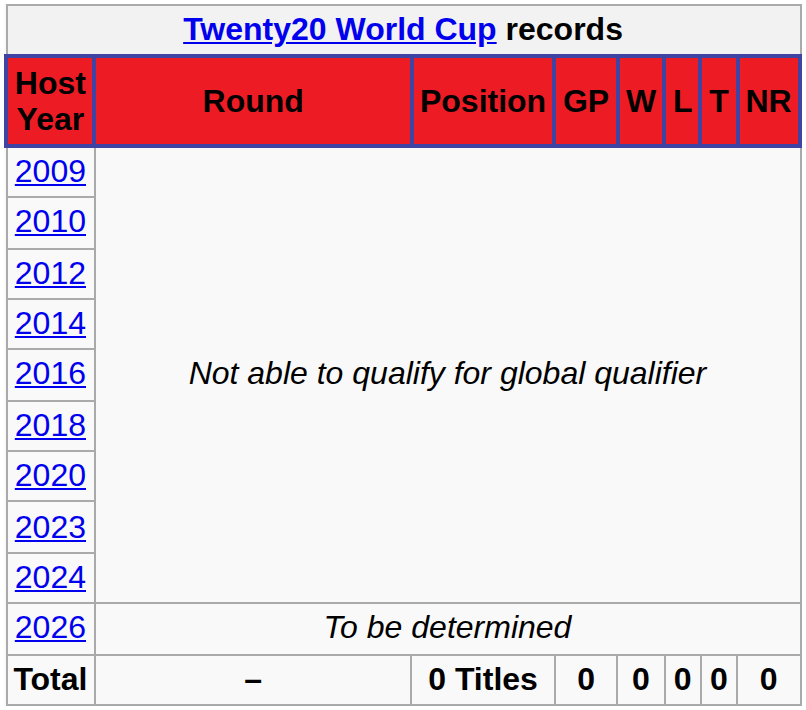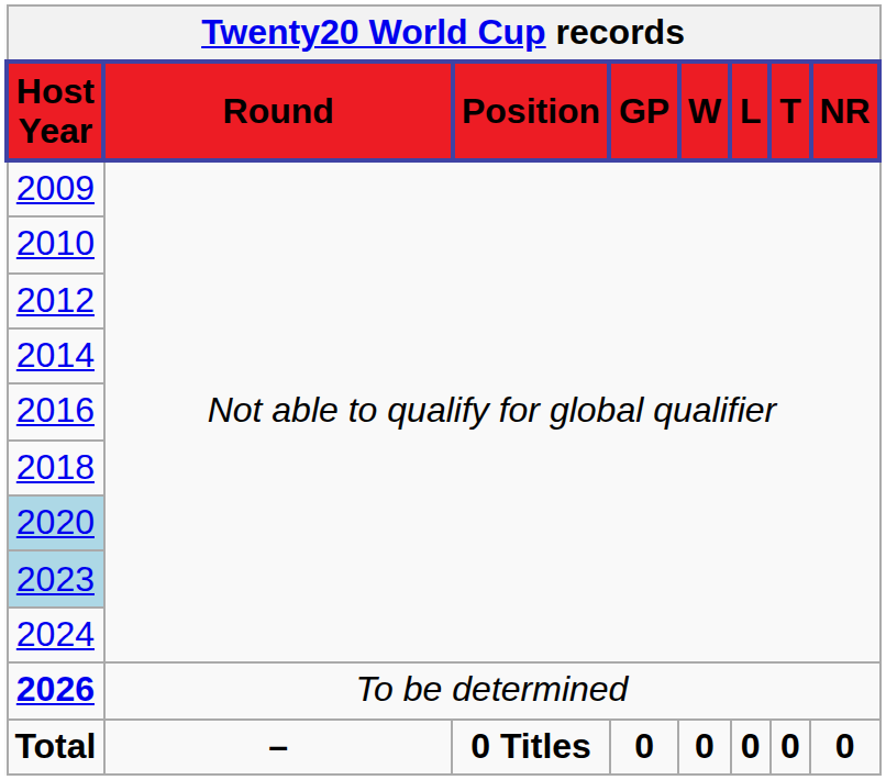 <table class="wikitable" style="text-align: center; width=900px;">
 <tr>
 <th colspan="8"><a href='#'>Twenty20 World Cup</a> records</th>
 </tr>
 <tr>
 <th style="background:#ED1C24;border: 2px solid #3F43A4;"><span>Host<br>Year</span></th>
 <th style="background:#ED1C24;border: 2px solid #3F43A4;" width=150><span>Round</span></th>
 <th style="background:#ED1C24;border: 2px solid #3F43A4;"><span>Position</span></th>
 <th style="background:#ED1C24;border: 2px solid #3F43A4;"><span>GP</span></th>
 <th style="background:#ED1C24;border: 2px solid #3F43A4;"><span>W</span></th>
 <th style="background:#ED1C24;border: 2px solid #3F43A4;"><span>L</span></th>
 <th style="background:#ED1C24;border: 2px solid #3F43A4;"><span>T</span></th>
 <th style="background:#ED1C24;border: 2px solid #3F43A4;"><span>NR</span></th>
 </tr>
 <tr>
 <td> <a href='#'>2009</a></td>
 <td colspan=7  rowspan=9><em>Not able to qualify for global qualifier</em></td>
 </tr>
 <tr>
 <td> <a href='#'>2010</a></td>
 </tr>
 <tr>
 <td> <a href='#'>2012</a></td>
 </tr>
 <tr>
 <td> <a href='#'>2014</a></td>
 </tr>
 <tr>
 <td> <a href='#'>2016</a></td>
 </tr>
 <tr>
 <td> <a href='#'>2018</a></td>
 </tr>
 <tr>
-<td> <a href='#'>2020</a></td>
+<td style="background: lightblue;"> <a href='#'>2020</a></td>
 </tr>
 <tr>
-<td> <a href='#'>2023</a></td>
+<td style="background: lightblue;"> <a href='#'>2023</a></td>
 </tr>
 <tr>
 <td> <a href='#'>2024</a></td>
 </tr>
 <tr>
-<td> <a href='#'>2026</a></td>
+<td><strong> <a href='#'>2026</a></strong></td>
 <td colspan="7"><em>To be determined</em></td>
 </tr>
 <tr>
 <td><strong>Total</strong></td>
 <td><strong>–</strong></td>
 <td><strong>0 Titles</strong></td>
 <td><strong>0</strong></td>
 <td><strong>0</strong></td>
 <td><strong>0</strong></td>
 <td><strong>0</strong></td>
 <td><strong>0</strong></td>
 </tr>
 </table>
